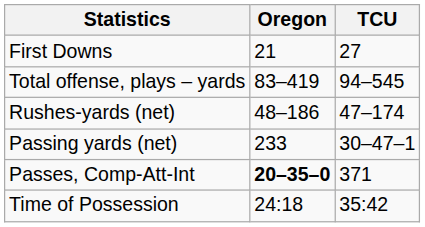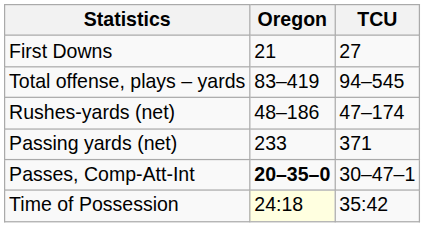 <table class="wikitable">
 <tr>
 <th>Statistics</th>
 <th>Oregon</th>
 <th>TCU</th>
 </tr>
 <tr>
 <td>First Downs</td>
 <td>21</td>
 <td>27</td>
 </tr>
 <tr>
 <td>Total offense, plays – yards</td>
 <td>83–419</td>
 <td>94–545</td>
 </tr>
 <tr>
 <td>Rushes-yards (net)</td>
 <td>48–186</td>
 <td>47–174</td>
 </tr>
 <tr>
 <td>Passing yards (net)</td>
 <td>233</td>
-<td>30–47–1</td>
+<td>371</td>
 </tr>
 <tr>
 <td>Passes, Comp-Att-Int</td>
 <td><strong>20–35–0</strong></td>
-<td>371</td>
+<td>30–47–1</td>
 </tr>
 <tr>
 <td>Time of Possession</td>
-<td>24:18</td>
+<td style="background: lightyellow;">24:18</td>
 <td>35:42</td>
 </tr>
 </table>
